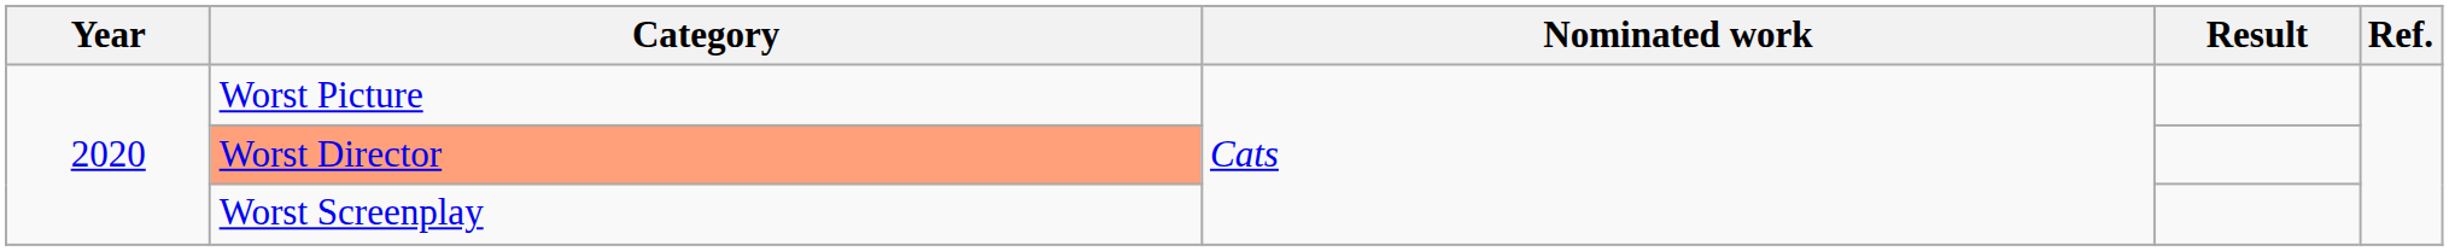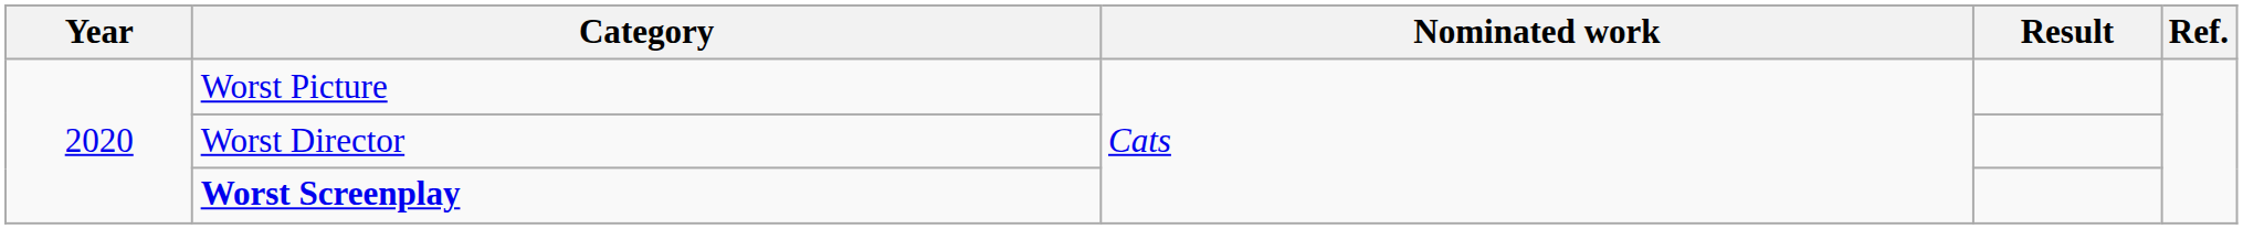 <table class=wikitable>
 <tr>
 <th scope="col" style="width:5em;">Year</th>
 <th scope="col" style="width:26em;">Category</th>
 <th scope="col" style="width:25em;">Nominated work</th>
 <th scope="col" style="width:5em;">Result</th>
 <th>Ref.</th>
 </tr>
 <tr>
 <td style="text-align:center;", rowspan="3"><a href='#'>2020</a></td>
 <td><a href='#'>Worst Picture</a></td>
 <td rowspan="3"><em><a href='#'>Cats</a></em></td>
 <td></td>
 <td rowspan="3"></td>
 </tr>
 <tr>
-<td style="background: lightsalmon;"><a href='#'>Worst Director</a></td>
+<td><a href='#'>Worst Director</a></td>
 <td></td>
 </tr>
 <tr>
-<td><a href='#'>Worst Screenplay</a></td>
+<td><strong><a href='#'>Worst Screenplay</a></strong></td>
 <td></td>
 </tr>
 </table>
